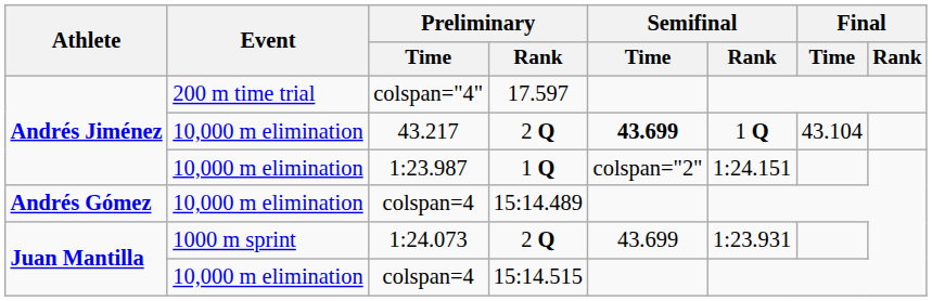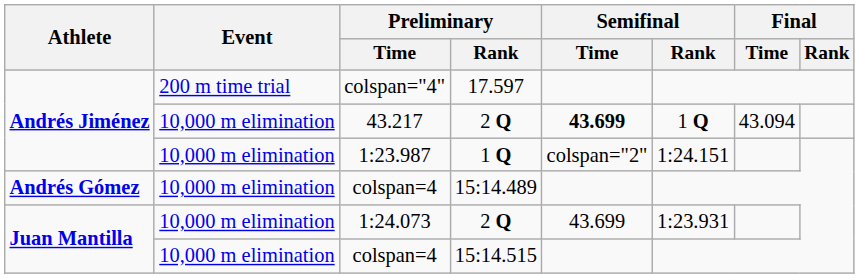 <table class=wikitable style=font-size:90%;text-align:center>
 <tr>
 <th rowspan=2>Athlete</th>
 <th rowspan=2>Event</th>
 <th colspan=2>Preliminary</th>
 <th colspan=2>Semifinal</th>
 <th colspan=2>Final</th>
 </tr>
 <tr style=font-size:95%>
 <th>Time</th>
 <th>Rank</th>
 <th>Time</th>
 <th>Rank</th>
 <th>Time</th>
 <th>Rank</th>
 </tr>
 <tr>
 <td rowspan=3 align=left><strong><a href='#'>Andrés Jiménez</a></strong></td>
 <td align=left><a href='#'>200 m time trial</a></td>
 <td>colspan="4" </td>
 <td>17.597</td>
 <td></td>
 </tr>
 <tr>
 <td align=left><a href='#'>10,000 m elimination</a></td>
 <td>43.217</td>
 <td>2 <strong>Q</strong></td>
 <td><strong>43.699</strong></td>
 <td>1 <strong>Q</strong></td>
-<td>43.104</td>
+<td>43.094</td>
 <td></td>
 </tr>
 <tr>
 <td align=left><a href='#'>10,000 m elimination</a></td>
 <td>1:23.987</td>
 <td>1 <strong>Q</strong></td>
 <td>colspan="2" </td>
 <td>1:24.151</td>
 <td></td>
 </tr>
 <tr>
 <td align=left><strong><a href='#'>Andrés Gómez</a></strong></td>
 <td align=left><a href='#'>10,000 m elimination</a></td>
 <td>colspan=4 </td>
 <td>15:14.489</td>
 <td></td>
 </tr>
 <tr>
 <td rowspan=2 align=left><strong><a href='#'>Juan Mantilla</a></strong></td>
-<td align=left><a href='#'>1000 m sprint</a></td>
+<td align=left><a href='#'>10,000 m elimination</a></td>
 <td>1:24.073</td>
 <td>2 <strong>Q</strong></td>
 <td>43.699</td>
 <td>1:23.931</td>
 <td></td>
 </tr>
 <tr>
 <td align=left><a href='#'>10,000 m elimination</a></td>
 <td>colspan=4 </td>
 <td>15:14.515</td>
 <td></td>
 </tr>
 </table>
